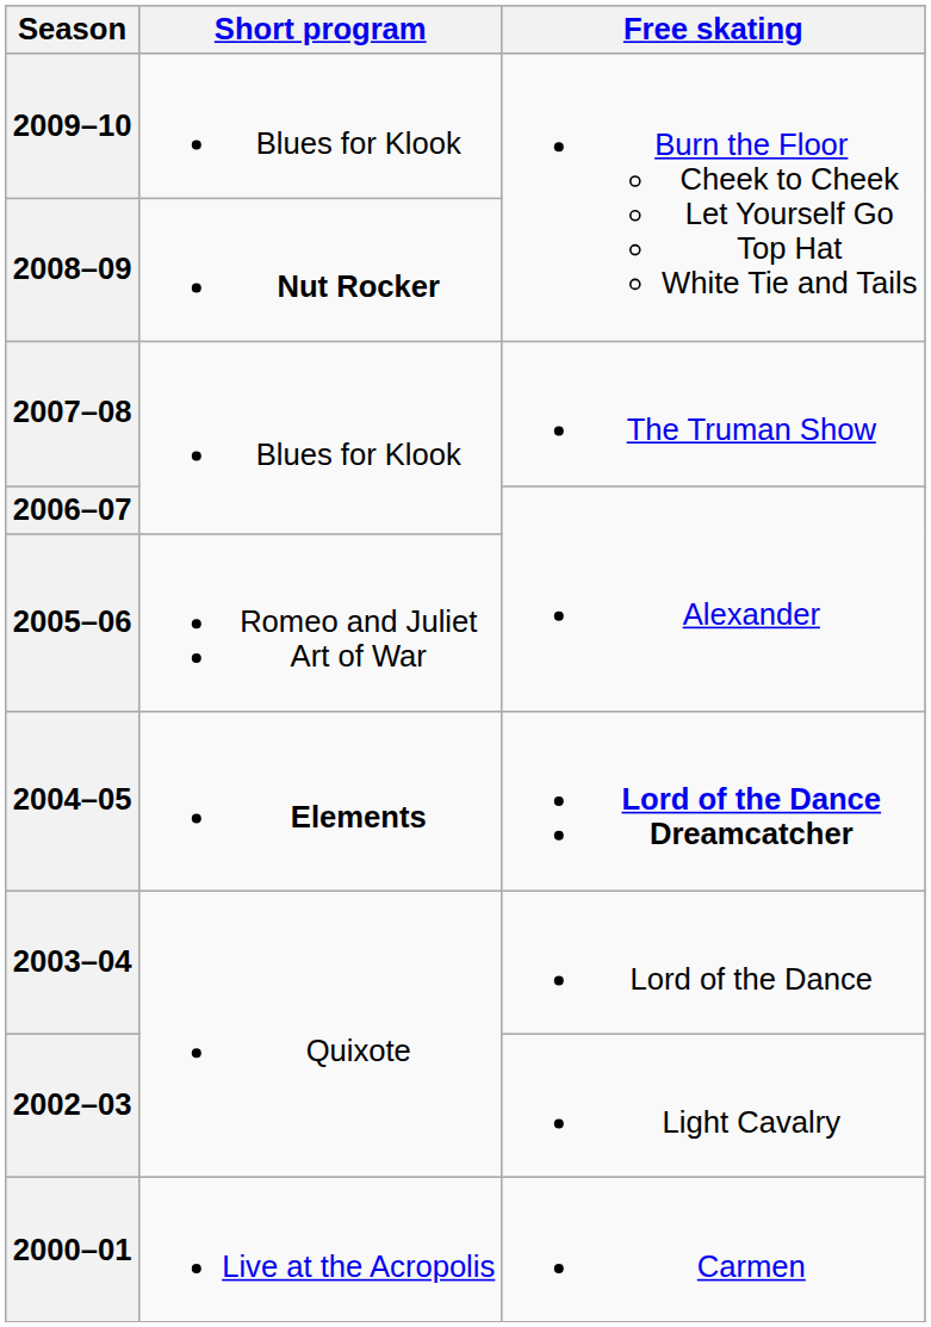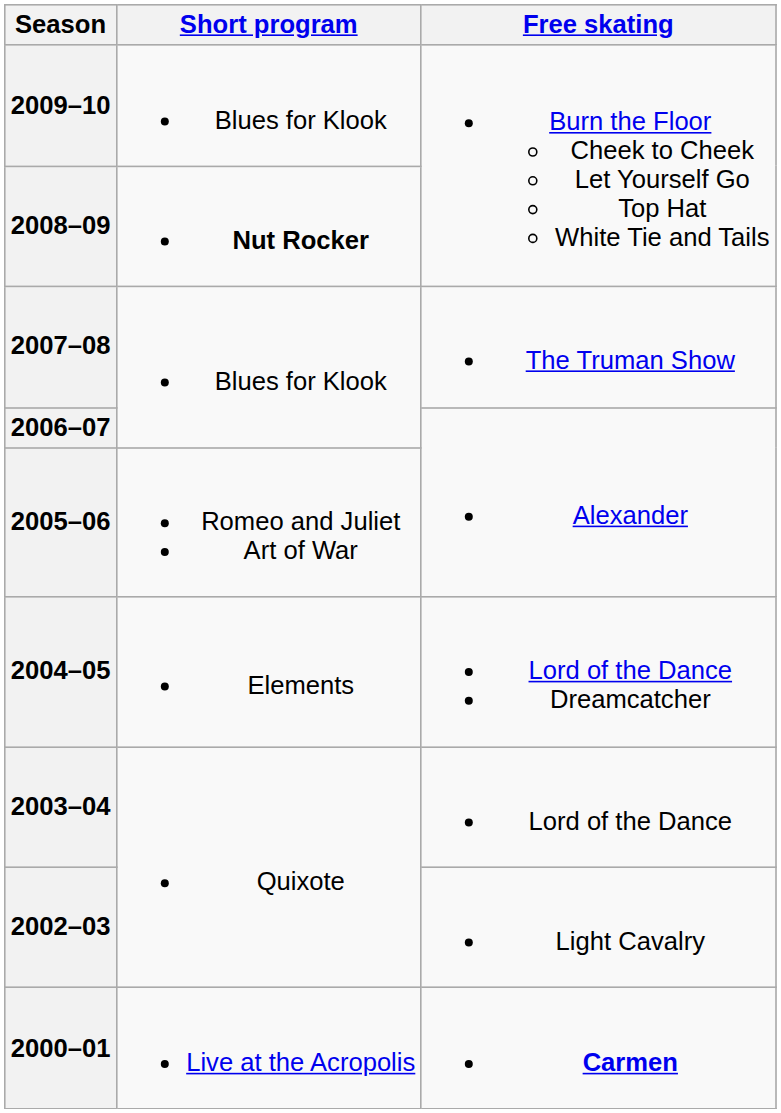 <table class=wikitable style=text-align:center>
 <tr>
 <th>Season</th>
 <th><a href='#'>Short program</a></th>
 <th><a href='#'>Free skating</a></th>
 </tr>
 <tr>
 <th>2009–10 <br> </th>
 <td><br><ul><li>Blues for Klook <br></li></ul></td>
 <td rowspan=2><br><ul><li><a href='#'>Burn the Floor</a><ul><li>Cheek to Cheek</li><li>Let Yourself Go</li><li>Top Hat</li><li>White Tie and Tails</li></ul></li></ul></td>
 </tr>
 <tr>
 <th>2008–09 <br> </th>
 <td><strong><br><ul><li>Nut Rocker <br></li></ul></strong></td>
 </tr>
 <tr>
 <th>2007–08 <br> </th>
 <td rowspan=2><br><ul><li>Blues for Klook <br></li></ul></td>
 <td><br><ul><li><a href='#'>The Truman Show</a> <br></li></ul></td>
 </tr>
 <tr>
 <th>2006–07 <br> </th>
 <td rowspan=2><br><ul><li><a href='#'>Alexander</a> <br></li></ul></td>
 </tr>
 <tr>
 <th>2005–06 <br> </th>
 <td><br><ul><li>Romeo and Juliet <br></li><li>Art of War <br></li></ul></td>
 </tr>
 <tr>
 <th>2004–05 <br> </th>
-<td><strong><br><ul><li>Elements <br></li></ul></strong></td>
-<td><strong><br><ul><li><a href='#'>Lord of the Dance</a> <br></li><li>Dreamcatcher <br></li></ul></strong></td>
+<td><br><ul><li>Elements <br></li></ul></td>
+<td><br><ul><li><a href='#'>Lord of the Dance</a> <br></li><li>Dreamcatcher <br></li></ul></td>
 </tr>
 <tr>
 <th>2003–04 <br> </th>
 <td rowspan=2><br><ul><li>Quixote <br></li></ul></td>
 <td><br><ul><li>Lord of the Dance <br></li></ul></td>
 </tr>
 <tr>
 <th>2002–03 <br> </th>
 <td><br><ul><li>Light Cavalry <br></li></ul></td>
 </tr>
 <tr>
 <th>2000–01 <br> </th>
 <td><br><ul><li><a href='#'>Live at the Acropolis</a> <br></li></ul></td>
-<td><br><ul><li><a href='#'>Carmen</a> <br></li></ul></td>
+<td><strong><br><ul><li><a href='#'>Carmen</a> <br></li></ul></strong></td>
 </tr>
 </table>
